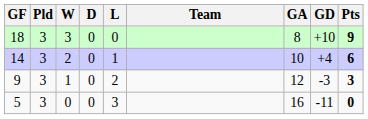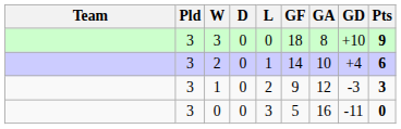 <table class="wikitable" style="text-align: center;">
 <tr>
-<th width="20">GF</th>
+<th style="width:175px;">Team</th>
 <th width="20">Pld</th>
 <th width="20">W</th>
 <th width="20">D</th>
 <th width="20">L</th>
-<th style="width:175px;">Team</th>
+<th width="20">GF</th>
 <th width="20">GA</th>
 <th width="20">GD</th>
 <th width="20">Pts</th>
 </tr>
 <tr style="background:#cfc;">
-<td>18</td>
+<td style="text-align:left;"></td>
 <td>3</td>
 <td>3</td>
 <td>0</td>
 <td>0</td>
-<td style="text-align:left;"></td>
+<td>18</td>
 <td>8</td>
 <td>+10</td>
 <td><strong>9</strong></td>
 </tr>
 <tr style="background:#ccf;">
-<td>14</td>
+<td style="text-align:left;"></td>
 <td>3</td>
 <td>2</td>
 <td>0</td>
 <td>1</td>
-<td style="text-align:left;"></td>
+<td>14</td>
 <td>10</td>
 <td>+4</td>
 <td><strong>6</strong></td>
 </tr>
 <tr>
-<td>9</td>
+<td style="text-align:left;"></td>
 <td>3</td>
 <td>1</td>
 <td>0</td>
 <td>2</td>
-<td style="text-align:left;"></td>
+<td>9</td>
 <td>12</td>
 <td>-3</td>
 <td><strong>3</strong></td>
 </tr>
 <tr>
-<td>5</td>
+<td style="text-align:left;"></td>
 <td>3</td>
 <td>0</td>
 <td>0</td>
 <td>3</td>
-<td style="text-align:left;"></td>
+<td>5</td>
 <td>16</td>
 <td>-11</td>
 <td><strong>0</strong></td>
 </tr>
 </table>
